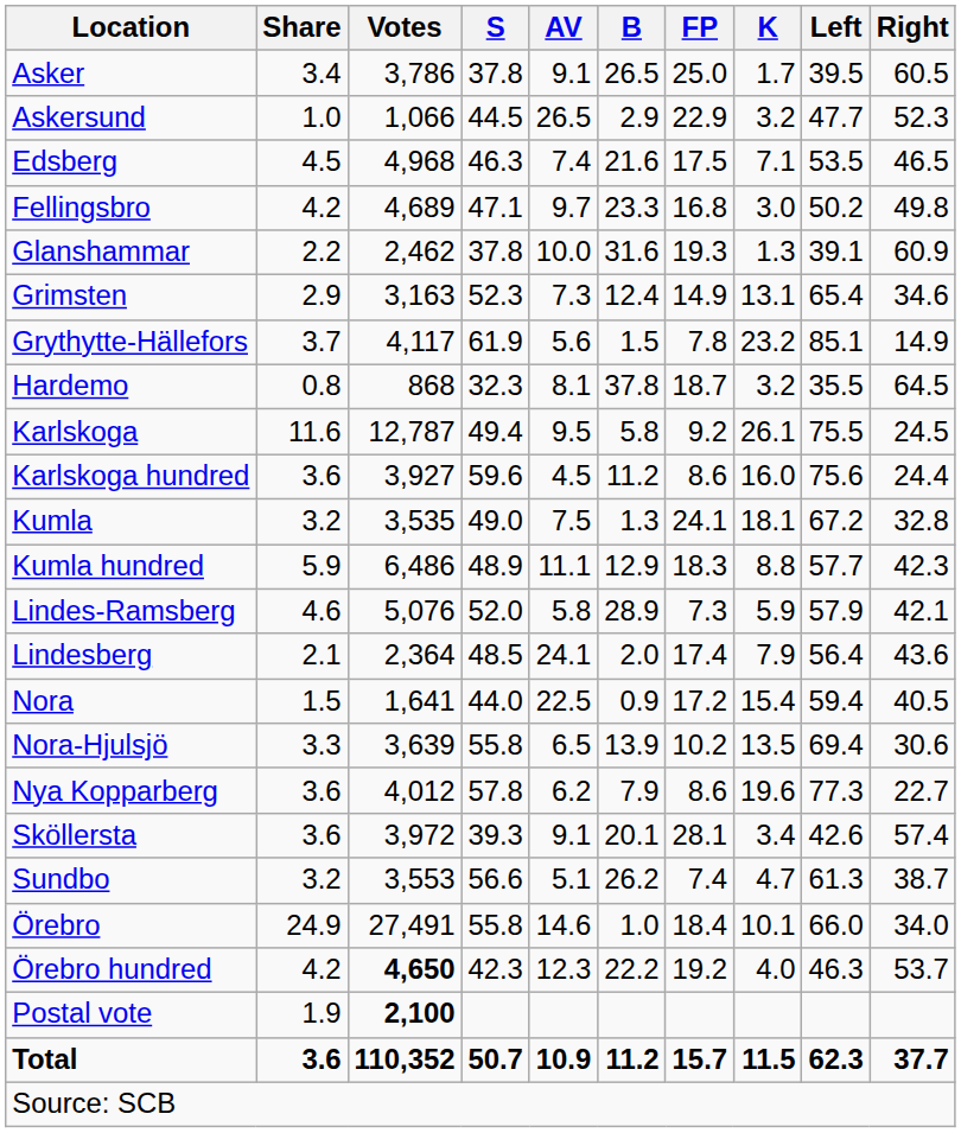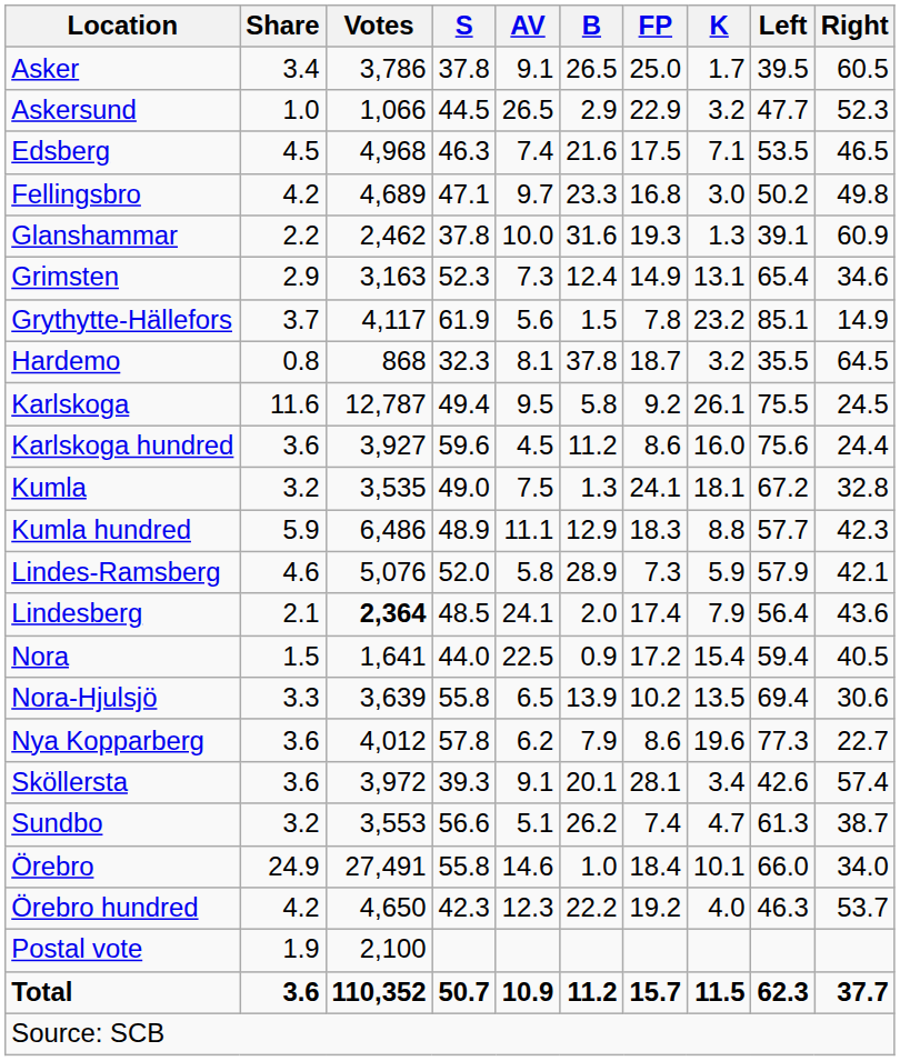 <table class="wikitable sortable" style=text-align:right>
 <tr>
 <th>Location</th>
 <th>Share</th>
 <th>Votes</th>
 <th><a href='#'>S</a></th>
 <th><a href='#'>AV</a></th>
 <th><a href='#'>B</a></th>
 <th><a href='#'>FP</a></th>
 <th><a href='#'>K</a></th>
 <th>Left</th>
 <th>Right</th>
 </tr>
 <tr>
 <td align=left><a href='#'>Asker</a></td>
 <td>3.4</td>
 <td>3,786</td>
 <td>37.8</td>
 <td>9.1</td>
 <td>26.5</td>
 <td>25.0</td>
 <td>1.7</td>
 <td>39.5</td>
 <td>60.5</td>
 </tr>
 <tr>
 <td align=left><a href='#'>Askersund</a></td>
 <td>1.0</td>
 <td>1,066</td>
 <td>44.5</td>
 <td>26.5</td>
 <td>2.9</td>
 <td>22.9</td>
 <td>3.2</td>
 <td>47.7</td>
 <td>52.3</td>
 </tr>
 <tr>
 <td align=left><a href='#'>Edsberg</a></td>
 <td>4.5</td>
 <td>4,968</td>
 <td>46.3</td>
 <td>7.4</td>
 <td>21.6</td>
 <td>17.5</td>
 <td>7.1</td>
 <td>53.5</td>
 <td>46.5</td>
 </tr>
 <tr>
 <td align=left><a href='#'>Fellingsbro</a></td>
 <td>4.2</td>
 <td>4,689</td>
 <td>47.1</td>
 <td>9.7</td>
 <td>23.3</td>
 <td>16.8</td>
 <td>3.0</td>
 <td>50.2</td>
 <td>49.8</td>
 </tr>
 <tr>
 <td align=left><a href='#'>Glanshammar</a></td>
 <td>2.2</td>
 <td>2,462</td>
 <td>37.8</td>
 <td>10.0</td>
 <td>31.6</td>
 <td>19.3</td>
 <td>1.3</td>
 <td>39.1</td>
 <td>60.9</td>
 </tr>
 <tr>
 <td align=left><a href='#'>Grimsten</a></td>
 <td>2.9</td>
 <td>3,163</td>
 <td>52.3</td>
 <td>7.3</td>
 <td>12.4</td>
 <td>14.9</td>
 <td>13.1</td>
 <td>65.4</td>
 <td>34.6</td>
 </tr>
 <tr>
 <td align=left><a href='#'>Grythytte-Hällefors</a></td>
 <td>3.7</td>
 <td>4,117</td>
 <td>61.9</td>
 <td>5.6</td>
 <td>1.5</td>
 <td>7.8</td>
 <td>23.2</td>
 <td>85.1</td>
 <td>14.9</td>
 </tr>
 <tr>
 <td align=left><a href='#'>Hardemo</a></td>
 <td>0.8</td>
 <td>868</td>
 <td>32.3</td>
 <td>8.1</td>
 <td>37.8</td>
 <td>18.7</td>
 <td>3.2</td>
 <td>35.5</td>
 <td>64.5</td>
 </tr>
 <tr>
 <td align=left><a href='#'>Karlskoga</a></td>
 <td>11.6</td>
 <td>12,787</td>
 <td>49.4</td>
 <td>9.5</td>
 <td>5.8</td>
 <td>9.2</td>
 <td>26.1</td>
 <td>75.5</td>
 <td>24.5</td>
 </tr>
 <tr>
 <td align=left><a href='#'>Karlskoga hundred</a></td>
 <td>3.6</td>
 <td>3,927</td>
 <td>59.6</td>
 <td>4.5</td>
 <td>11.2</td>
 <td>8.6</td>
 <td>16.0</td>
 <td>75.6</td>
 <td>24.4</td>
 </tr>
 <tr>
 <td align=left><a href='#'>Kumla</a></td>
 <td>3.2</td>
 <td>3,535</td>
 <td>49.0</td>
 <td>7.5</td>
 <td>1.3</td>
 <td>24.1</td>
 <td>18.1</td>
 <td>67.2</td>
 <td>32.8</td>
 </tr>
 <tr>
 <td align=left><a href='#'>Kumla hundred</a></td>
 <td>5.9</td>
 <td>6,486</td>
 <td>48.9</td>
 <td>11.1</td>
 <td>12.9</td>
 <td>18.3</td>
 <td>8.8</td>
 <td>57.7</td>
 <td>42.3</td>
 </tr>
 <tr>
 <td align=left><a href='#'>Lindes-Ramsberg</a></td>
 <td>4.6</td>
 <td>5,076</td>
 <td>52.0</td>
 <td>5.8</td>
 <td>28.9</td>
 <td>7.3</td>
 <td>5.9</td>
 <td>57.9</td>
 <td>42.1</td>
 </tr>
 <tr>
 <td align=left><a href='#'>Lindesberg</a></td>
 <td>2.1</td>
-<td>2,364</td>
+<td><strong>2,364</strong></td>
 <td>48.5</td>
 <td>24.1</td>
 <td>2.0</td>
 <td>17.4</td>
 <td>7.9</td>
 <td>56.4</td>
 <td>43.6</td>
 </tr>
 <tr>
 <td align=left><a href='#'>Nora</a></td>
 <td>1.5</td>
 <td>1,641</td>
 <td>44.0</td>
 <td>22.5</td>
 <td>0.9</td>
 <td>17.2</td>
 <td>15.4</td>
 <td>59.4</td>
 <td>40.5</td>
 </tr>
 <tr>
 <td align=left><a href='#'>Nora-Hjulsjö</a></td>
 <td>3.3</td>
 <td>3,639</td>
 <td>55.8</td>
 <td>6.5</td>
 <td>13.9</td>
 <td>10.2</td>
 <td>13.5</td>
 <td>69.4</td>
 <td>30.6</td>
 </tr>
 <tr>
 <td align=left><a href='#'>Nya Kopparberg</a></td>
 <td>3.6</td>
 <td>4,012</td>
 <td>57.8</td>
 <td>6.2</td>
 <td>7.9</td>
 <td>8.6</td>
 <td>19.6</td>
 <td>77.3</td>
 <td>22.7</td>
 </tr>
 <tr>
 <td align=left><a href='#'>Sköllersta</a></td>
 <td>3.6</td>
 <td>3,972</td>
 <td>39.3</td>
 <td>9.1</td>
 <td>20.1</td>
 <td>28.1</td>
 <td>3.4</td>
 <td>42.6</td>
 <td>57.4</td>
 </tr>
 <tr>
 <td align=left><a href='#'>Sundbo</a></td>
 <td>3.2</td>
 <td>3,553</td>
 <td>56.6</td>
 <td>5.1</td>
 <td>26.2</td>
 <td>7.4</td>
 <td>4.7</td>
 <td>61.3</td>
 <td>38.7</td>
 </tr>
 <tr>
 <td align=left><a href='#'>Örebro</a></td>
 <td>24.9</td>
 <td>27,491</td>
 <td>55.8</td>
 <td>14.6</td>
 <td>1.0</td>
 <td>18.4</td>
 <td>10.1</td>
 <td>66.0</td>
 <td>34.0</td>
 </tr>
 <tr>
 <td align=left><a href='#'>Örebro hundred</a></td>
 <td>4.2</td>
-<td><strong>4,650</strong></td>
+<td>4,650</td>
 <td>42.3</td>
 <td>12.3</td>
 <td>22.2</td>
 <td>19.2</td>
 <td>4.0</td>
 <td>46.3</td>
 <td>53.7</td>
 </tr>
 <tr>
 <td align=left><a href='#'>Postal vote</a></td>
 <td>1.9</td>
-<td><strong>2,100</strong></td>
+<td>2,100</td>
 <td></td>
 <td></td>
 <td></td>
 <td></td>
 <td></td>
 <td></td>
 <td></td>
 </tr>
 <tr>
 <td align=left><strong>Total</strong></td>
 <td><strong>3.6</strong></td>
 <td><strong>110,352</strong></td>
 <td><strong>50.7</strong></td>
 <td><strong>10.9</strong></td>
 <td><strong>11.2</strong></td>
 <td><strong>15.7</strong></td>
 <td><strong>11.5</strong></td>
 <td><strong>62.3</strong></td>
 <td><strong>37.7</strong></td>
 </tr>
 <tr>
 <td align=left colspan=10>Source: SCB </td>
 </tr>
 </table>
